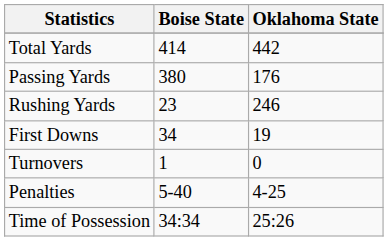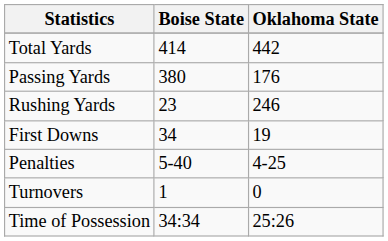 <table class="wikitable">
 <tr>
 <th>Statistics</th>
 <th>Boise State</th>
 <th>Oklahoma State</th>
 </tr>
 <tr>
 </tr>
 <tr>
 <td>Total Yards</td>
 <td>414</td>
 <td>442</td>
 </tr>
 <tr>
 <td>Passing Yards</td>
 <td>380</td>
 <td>176</td>
 </tr>
 <tr>
 <td>Rushing Yards</td>
 <td>23</td>
 <td>246</td>
 </tr>
 <tr>
 <td>First Downs</td>
 <td>34</td>
 <td>19</td>
 </tr>
 <tr>
+<td>Penalties</td>
+<td>5-40</td>
+<td>4-25</td>
+</tr>
+<tr>
 <td>Turnovers</td>
 <td>1</td>
 <td>0</td>
-</tr>
-<tr>
-<td>Penalties</td>
-<td>5-40</td>
-<td>4-25</td>
 </tr>
 <tr>
 <td>Time of Possession</td>
 <td>34:34</td>
 <td>25:26</td>
 </tr>
 </table>
